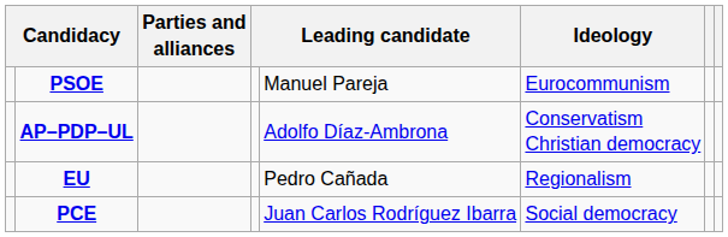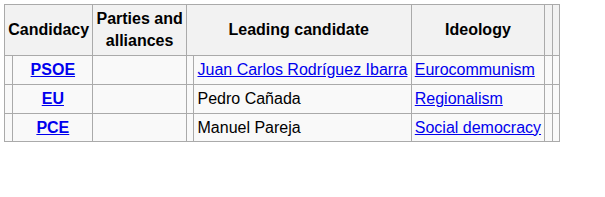 <table class="wikitable" style="line-height:1.35em; text-align:left;">
 <tr>
 <th colspan="2">Candidacy</th>
 <th>Parties and<br>alliances</th>
 <th colspan="2">Leading candidate</th>
 <th>Ideology</th>
 <th></th>
 <th></th>
 </tr>
 <tr>
 <td width="1" style="color:inherit;background:"></td>
 <td align="center"><strong><a href='#'>PSOE</a></strong></td>
 <td></td>
 <td></td>
-<td>Manuel Pareja</td>
+<td><a href='#'>Juan Carlos Rodríguez Ibarra</a></td>
 <td><a href='#'>Eurocommunism</a></td>
-<td></td>
-<td></td>
-</tr>
-<tr>
-<td style="color:inherit;background:"></td>
-<td align="center"><strong><a href='#'>AP–PDP–UL</a></strong></td>
-<td></td>
-<td></td>
-<td><a href='#'>Adolfo Díaz-Ambrona</a></td>
-<td><a href='#'>Conservatism</a><br><a href='#'>Christian democracy</a></td>
 <td></td>
 <td></td>
 </tr>
 <tr>
 <td style="color:inherit;background:"></td>
 <td align="center"><strong><a href='#'>EU</a></strong></td>
 <td></td>
 <td></td>
 <td>Pedro Cañada</td>
 <td><a href='#'>Regionalism</a></td>
 <td></td>
 <td></td>
 </tr>
 <tr>
 <td style="color:inherit;background:"></td>
 <td align="center"><strong><a href='#'>PCE</a></strong></td>
 <td></td>
 <td></td>
-<td><a href='#'>Juan Carlos Rodríguez Ibarra</a></td>
+<td>Manuel Pareja</td>
 <td><a href='#'>Social democracy</a></td>
 <td></td>
 <td></td>
 </tr>
 </table>
